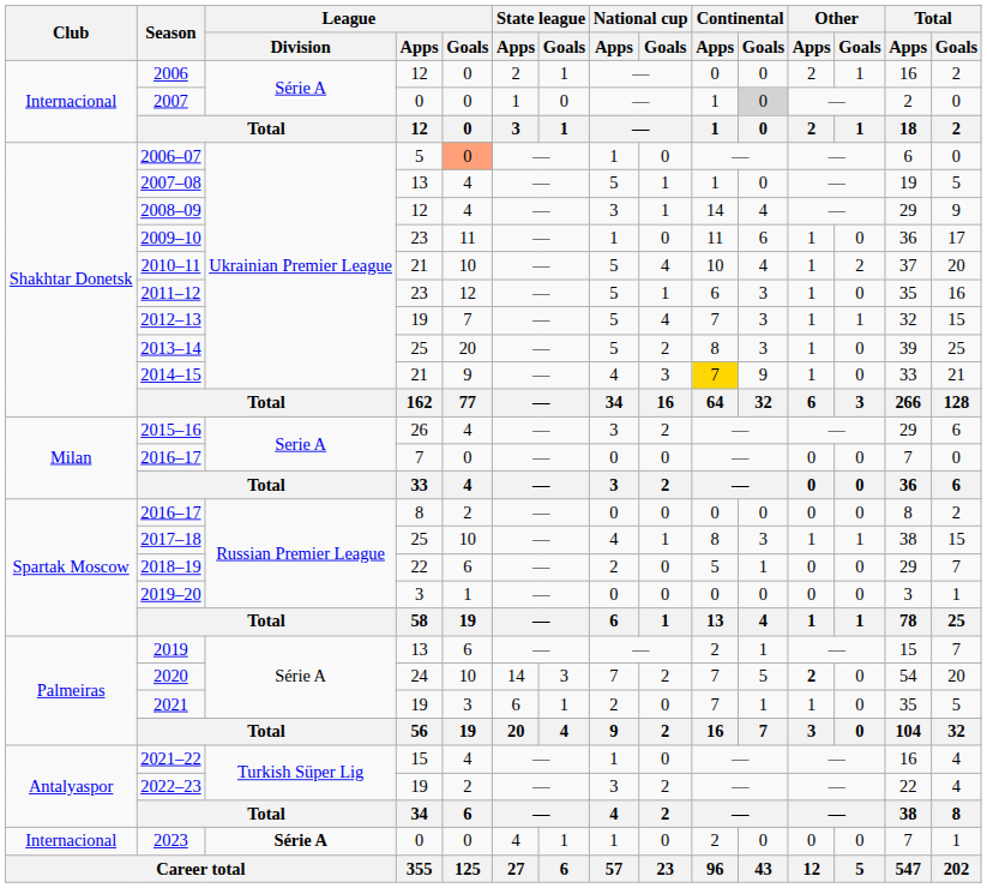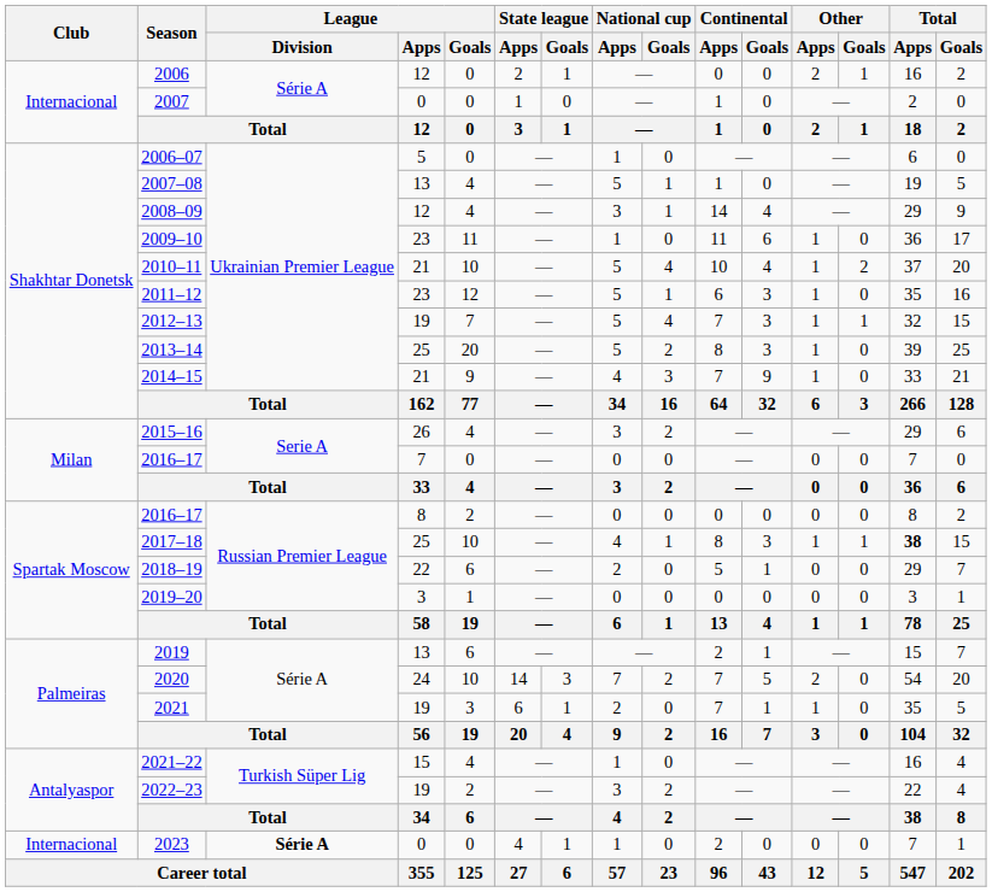 <table class="wikitable" style="text-align:center">
 <tr>
 <th rowspan="2">Club</th>
 <th rowspan="2">Season</th>
 <th colspan="3">League</th>
 <th colspan="2">State league</th>
 <th colspan="2">National cup</th>
 <th colspan="2">Continental</th>
 <th colspan="2">Other</th>
 <th colspan="2">Total</th>
 </tr>
 <tr>
 <th>Division</th>
 <th>Apps</th>
 <th>Goals</th>
 <th>Apps</th>
 <th>Goals</th>
 <th>Apps</th>
 <th>Goals</th>
 <th>Apps</th>
 <th>Goals</th>
 <th>Apps</th>
 <th>Goals</th>
 <th>Apps</th>
 <th>Goals</th>
 </tr>
 <tr>
 <td rowspan="3"><a href='#'>Internacional</a></td>
 <td><a href='#'>2006</a></td>
 <td rowspan="2"><a href='#'>Série A</a></td>
 <td>12</td>
 <td>0</td>
 <td>2</td>
 <td>1</td>
 <td colspan="2">—</td>
 <td>0</td>
 <td>0</td>
 <td>2</td>
 <td>1</td>
 <td>16</td>
 <td>2</td>
 </tr>
 <tr>
 <td><a href='#'>2007</a></td>
 <td>0</td>
 <td>0</td>
 <td>1</td>
 <td>0</td>
 <td colspan="2">—</td>
 <td>1</td>
-<td style="background: lightgrey;">0</td>
+<td>0</td>
 <td colspan="2">—</td>
 <td>2</td>
 <td>0</td>
 </tr>
 <tr>
 <th colspan="2">Total</th>
 <th>12</th>
 <th>0</th>
 <th>3</th>
 <th>1</th>
 <th colspan="2">—</th>
 <th>1</th>
 <th>0</th>
 <th>2</th>
 <th>1</th>
 <th>18</th>
 <th>2</th>
 </tr>
 <tr>
 <td rowspan="10"><a href='#'>Shakhtar Donetsk</a></td>
 <td><a href='#'>2006–07</a></td>
 <td rowspan="9"><a href='#'>Ukrainian Premier League</a></td>
 <td>5</td>
-<td style="background: lightsalmon;">0</td>
+<td>0</td>
 <td colspan="2">—</td>
 <td>1</td>
 <td>0</td>
 <td colspan="2">—</td>
 <td colspan="2">—</td>
 <td>6</td>
 <td>0</td>
 </tr>
 <tr>
 <td><a href='#'>2007–08</a></td>
 <td>13</td>
 <td>4</td>
 <td colspan="2">—</td>
 <td>5</td>
 <td>1</td>
 <td>1</td>
 <td>0</td>
 <td colspan="2">—</td>
 <td>19</td>
 <td>5</td>
 </tr>
 <tr>
 <td><a href='#'>2008–09</a></td>
 <td>12</td>
 <td>4</td>
 <td colspan="2">—</td>
 <td>3</td>
 <td>1</td>
 <td>14</td>
 <td>4</td>
 <td colspan="2">—</td>
 <td>29</td>
 <td>9</td>
 </tr>
 <tr>
 <td><a href='#'>2009–10</a></td>
 <td>23</td>
 <td>11</td>
 <td colspan="2">—</td>
 <td>1</td>
 <td>0</td>
 <td>11</td>
 <td>6</td>
 <td>1</td>
 <td>0</td>
 <td>36</td>
 <td>17</td>
 </tr>
 <tr>
 <td><a href='#'>2010–11</a></td>
 <td>21</td>
 <td>10</td>
 <td colspan="2">—</td>
 <td>5</td>
 <td>4</td>
 <td>10</td>
 <td>4</td>
 <td>1</td>
 <td>2</td>
 <td>37</td>
 <td>20</td>
 </tr>
 <tr>
 <td><a href='#'>2011–12</a></td>
 <td>23</td>
 <td>12</td>
 <td colspan="2">—</td>
 <td>5</td>
 <td>1</td>
 <td>6</td>
 <td>3</td>
 <td>1</td>
 <td>0</td>
 <td>35</td>
 <td>16</td>
 </tr>
 <tr>
 <td><a href='#'>2012–13</a></td>
 <td>19</td>
 <td>7</td>
 <td colspan="2">—</td>
 <td>5</td>
 <td>4</td>
 <td>7</td>
 <td>3</td>
 <td>1</td>
 <td>1</td>
 <td>32</td>
 <td>15</td>
 </tr>
 <tr>
 <td><a href='#'>2013–14</a></td>
 <td>25</td>
 <td>20</td>
 <td colspan="2">—</td>
 <td>5</td>
 <td>2</td>
 <td>8</td>
 <td>3</td>
 <td>1</td>
 <td>0</td>
 <td>39</td>
 <td>25</td>
 </tr>
 <tr>
 <td><a href='#'>2014–15</a></td>
 <td>21</td>
 <td>9</td>
 <td colspan="2">—</td>
 <td>4</td>
 <td>3</td>
-<td style="background: gold;">7</td>
+<td>7</td>
 <td>9</td>
 <td>1</td>
 <td>0</td>
 <td>33</td>
 <td>21</td>
 </tr>
 <tr>
 <th colspan="2">Total</th>
 <th>162</th>
 <th>77</th>
 <th colspan="2">—</th>
 <th>34</th>
 <th>16</th>
 <th>64</th>
 <th>32</th>
 <th>6</th>
 <th>3</th>
 <th>266</th>
 <th>128</th>
 </tr>
 <tr>
 <td rowspan="3"><a href='#'>Milan</a></td>
 <td><a href='#'>2015–16</a></td>
 <td rowspan="2"><a href='#'>Serie A</a></td>
 <td>26</td>
 <td>4</td>
 <td colspan="2">—</td>
 <td>3</td>
 <td>2</td>
 <td colspan="2">—</td>
 <td colspan="2">—</td>
 <td>29</td>
 <td>6</td>
 </tr>
 <tr>
 <td><a href='#'>2016–17</a></td>
 <td>7</td>
 <td>0</td>
 <td colspan="2">—</td>
 <td>0</td>
 <td>0</td>
 <td colspan="2">—</td>
 <td>0</td>
 <td>0</td>
 <td>7</td>
 <td>0</td>
 </tr>
 <tr>
 <th colspan="2">Total</th>
 <th>33</th>
 <th>4</th>
 <th colspan="2">—</th>
 <th>3</th>
 <th>2</th>
 <th colspan="2">—</th>
 <th>0</th>
 <th>0</th>
 <th>36</th>
 <th>6</th>
 </tr>
 <tr>
 <td rowspan="5"><a href='#'>Spartak Moscow</a></td>
 <td><a href='#'>2016–17</a></td>
 <td rowspan="4"><a href='#'>Russian Premier League</a></td>
 <td>8</td>
 <td>2</td>
 <td colspan="2">—</td>
 <td>0</td>
 <td>0</td>
 <td>0</td>
 <td>0</td>
 <td>0</td>
 <td>0</td>
 <td>8</td>
 <td>2</td>
 </tr>
 <tr>
 <td><a href='#'>2017–18</a></td>
 <td>25</td>
 <td>10</td>
 <td colspan="2">—</td>
 <td>4</td>
 <td>1</td>
 <td>8</td>
 <td>3</td>
 <td>1</td>
 <td>1</td>
-<td>38</td>
+<td><strong>38</strong></td>
 <td>15</td>
 </tr>
 <tr>
 <td><a href='#'>2018–19</a></td>
 <td>22</td>
 <td>6</td>
 <td colspan="2">—</td>
 <td>2</td>
 <td>0</td>
 <td>5</td>
 <td>1</td>
 <td>0</td>
 <td>0</td>
 <td>29</td>
 <td>7</td>
 </tr>
 <tr>
 <td><a href='#'>2019–20</a></td>
 <td>3</td>
 <td>1</td>
 <td colspan="2">—</td>
 <td>0</td>
 <td>0</td>
 <td>0</td>
 <td>0</td>
 <td>0</td>
 <td>0</td>
 <td>3</td>
 <td>1</td>
 </tr>
 <tr>
 <th colspan="2">Total</th>
 <th>58</th>
 <th>19</th>
 <th colspan="2">—</th>
 <th>6</th>
 <th>1</th>
 <th>13</th>
 <th>4</th>
 <th>1</th>
 <th>1</th>
 <th>78</th>
 <th>25</th>
 </tr>
 <tr>
 <td rowspan="4"><a href='#'>Palmeiras</a></td>
 <td><a href='#'>2019</a></td>
 <td rowspan="3">Série A</td>
 <td>13</td>
 <td>6</td>
 <td colspan="2">—</td>
 <td colspan="2">—</td>
 <td>2</td>
 <td>1</td>
 <td colspan="2">—</td>
 <td>15</td>
 <td>7</td>
 </tr>
 <tr>
 <td><a href='#'>2020</a></td>
 <td>24</td>
 <td>10</td>
 <td>14</td>
 <td>3</td>
 <td>7</td>
 <td>2</td>
 <td>7</td>
 <td>5</td>
-<td><strong>2</strong></td>
+<td>2</td>
 <td>0</td>
 <td>54</td>
 <td>20</td>
 </tr>
 <tr>
 <td><a href='#'>2021</a></td>
 <td>19</td>
 <td>3</td>
 <td>6</td>
 <td>1</td>
 <td>2</td>
 <td>0</td>
 <td>7</td>
 <td>1</td>
 <td>1</td>
 <td>0</td>
 <td>35</td>
 <td>5</td>
 </tr>
 <tr>
 <th colspan="2">Total</th>
 <th>56</th>
 <th>19</th>
 <th>20</th>
 <th>4</th>
 <th>9</th>
 <th>2</th>
 <th>16</th>
 <th>7</th>
 <th>3</th>
 <th>0</th>
 <th>104</th>
 <th>32</th>
 </tr>
 <tr>
 <td rowspan="3"><a href='#'>Antalyaspor</a></td>
 <td><a href='#'>2021–22</a></td>
 <td rowspan="2"><a href='#'>Turkish Süper Lig</a></td>
 <td>15</td>
 <td>4</td>
 <td colspan="2">—</td>
 <td>1</td>
 <td>0</td>
 <td colspan="2">—</td>
 <td colspan="2">—</td>
 <td>16</td>
 <td>4</td>
 </tr>
 <tr>
 <td><a href='#'>2022–23</a></td>
 <td>19</td>
 <td>2</td>
 <td colspan="2">—</td>
 <td>3</td>
 <td>2</td>
 <td colspan="2">—</td>
 <td colspan="2">—</td>
 <td>22</td>
 <td>4</td>
 </tr>
 <tr>
 <th colspan="2">Total</th>
 <th>34</th>
 <th>6</th>
 <th colspan="2">—</th>
 <th>4</th>
 <th>2</th>
 <th colspan="2">—</th>
 <th colspan="2">—</th>
 <th>38</th>
 <th>8</th>
 </tr>
 <tr>
 <td><a href='#'>Internacional</a></td>
 <td><a href='#'>2023</a></td>
 <td><strong>Série A</strong></td>
 <td>0</td>
 <td>0</td>
 <td>4</td>
 <td>1</td>
 <td>1</td>
 <td>0</td>
 <td>2</td>
 <td>0</td>
 <td>0</td>
 <td>0</td>
 <td>7</td>
 <td>1</td>
 </tr>
 <tr>
 <th colspan="3">Career total</th>
 <th>355</th>
 <th>125</th>
 <th>27</th>
 <th>6</th>
 <th>57</th>
 <th>23</th>
 <th>96</th>
 <th>43</th>
 <th>12</th>
 <th>5</th>
 <th>547</th>
 <th>202</th>
 </tr>
 </table>
